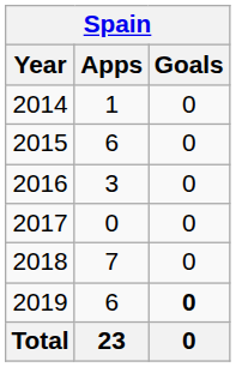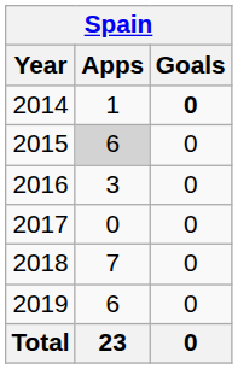 <table class="wikitable" style="text-align:center">
 <tr>
 <th colspan=3><a href='#'>Spain</a></th>
 </tr>
 <tr>
 <th>Year</th>
 <th>Apps</th>
 <th>Goals</th>
 </tr>
 <tr>
 <td>2014</td>
 <td>1</td>
-<td>0</td>
+<td><strong>0</strong></td>
 </tr>
 <tr>
 <td>2015</td>
-<td>6</td>
+<td style="background: lightgrey;">6</td>
 <td>0</td>
 </tr>
 <tr>
 <td>2016</td>
 <td>3</td>
 <td>0</td>
 </tr>
 <tr>
 <td>2017</td>
 <td>0</td>
 <td>0</td>
 </tr>
 <tr>
 <td>2018</td>
 <td>7</td>
 <td>0</td>
 </tr>
 <tr>
 <td>2019</td>
 <td>6</td>
-<td><strong>0</strong></td>
+<td>0</td>
 </tr>
 <tr>
 <th>Total</th>
 <th>23</th>
 <th>0</th>
 </tr>
 </table>
